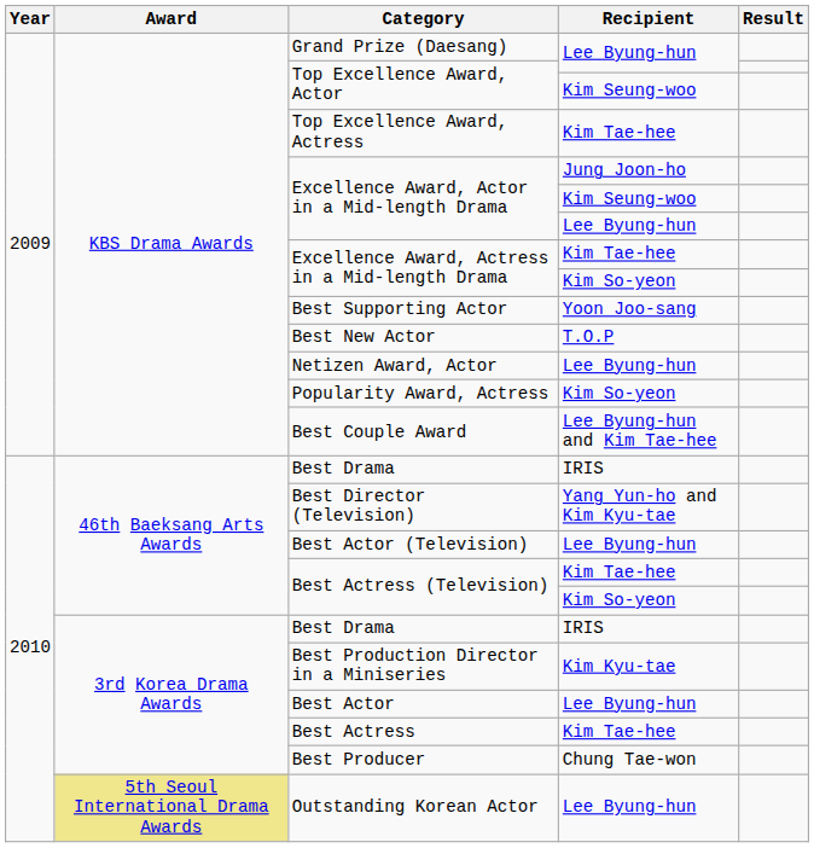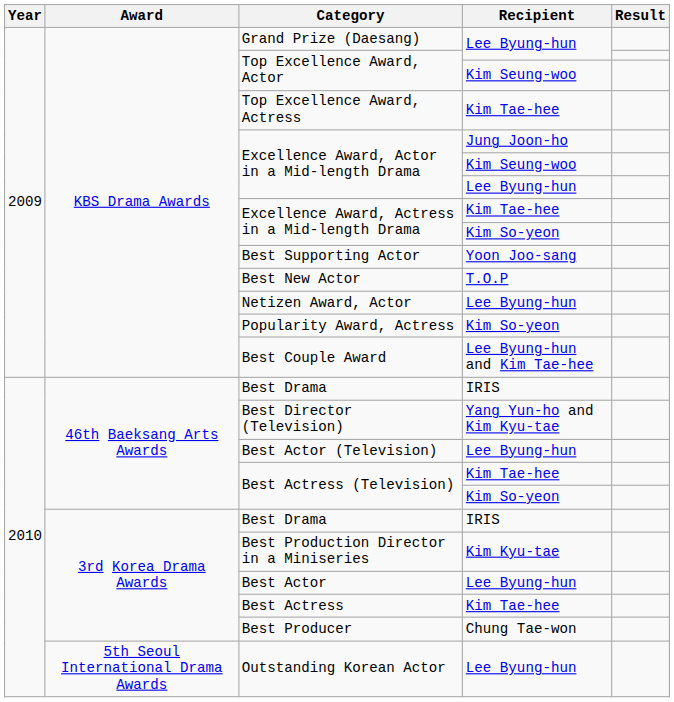 <table class="wikitable">
 <tr>
 <th>Year</th>
 <th>Award</th>
 <th>Category</th>
 <th>Recipient</th>
 <th>Result</th>
 </tr>
 <tr>
 <td rowspan=14 style="text-align:center;">2009</td>
 <td rowspan=14 style="text-align:center;"><a href='#'>KBS Drama Awards</a></td>
 <td>Grand Prize (Daesang)</td>
 <td rowspan=2><a href='#'>Lee Byung-hun</a></td>
 <td></td>
 </tr>
 <tr>
 <td rowspan=2>Top Excellence Award, Actor</td>
 <td></td>
 </tr>
 <tr>
 <td><a href='#'>Kim Seung-woo</a></td>
 <td></td>
 </tr>
 <tr>
 <td>Top Excellence Award, Actress</td>
 <td><a href='#'>Kim Tae-hee</a></td>
 <td></td>
 </tr>
 <tr>
 <td rowspan=3>Excellence Award, Actor in a Mid-length Drama</td>
 <td><a href='#'>Jung Joon-ho</a></td>
 <td></td>
 </tr>
 <tr>
 <td><a href='#'>Kim Seung-woo</a></td>
 <td></td>
 </tr>
 <tr>
 <td><a href='#'>Lee Byung-hun</a></td>
 <td></td>
 </tr>
 <tr>
 <td rowspan=2>Excellence Award, Actress in a Mid-length Drama</td>
 <td><a href='#'>Kim Tae-hee</a></td>
 <td></td>
 </tr>
 <tr>
 <td><a href='#'>Kim So-yeon</a></td>
 <td></td>
 </tr>
 <tr>
 <td>Best Supporting Actor</td>
 <td><a href='#'>Yoon Joo-sang</a></td>
 <td></td>
 </tr>
 <tr>
 <td>Best New Actor</td>
 <td><a href='#'>T.O.P</a></td>
 <td></td>
 </tr>
 <tr>
 <td>Netizen Award, Actor</td>
 <td><a href='#'>Lee Byung-hun</a></td>
 <td></td>
 </tr>
 <tr>
 <td>Popularity Award, Actress</td>
 <td><a href='#'>Kim So-yeon</a></td>
 <td></td>
 </tr>
 <tr>
 <td>Best Couple Award</td>
 <td><a href='#'>Lee Byung-hun</a> and <a href='#'>Kim Tae-hee</a></td>
 <td></td>
 </tr>
 <tr>
 <td rowspan=12 style="text-align:center;">2010</td>
 <td rowspan=5 style="text-align:center;"><a href='#'>46th</a> <a href='#'>Baeksang Arts Awards</a></td>
 <td>Best Drama</td>
 <td>IRIS</td>
 <td></td>
 </tr>
 <tr>
 <td>Best Director (Television)</td>
 <td><a href='#'>Yang Yun-ho</a> and <a href='#'>Kim Kyu-tae</a></td>
 <td></td>
 </tr>
 <tr>
 <td>Best Actor (Television)</td>
 <td><a href='#'>Lee Byung-hun</a></td>
 <td></td>
 </tr>
 <tr>
 <td rowspan=2>Best Actress (Television)</td>
 <td><a href='#'>Kim Tae-hee</a></td>
 <td></td>
 </tr>
 <tr>
 <td><a href='#'>Kim So-yeon</a></td>
 <td></td>
 </tr>
 <tr>
 <td rowspan=5 style="text-align:center;"><a href='#'>3rd</a> <a href='#'>Korea Drama Awards</a></td>
 <td>Best Drama</td>
 <td>IRIS</td>
 <td></td>
 </tr>
 <tr>
 <td>Best Production Director in a Miniseries</td>
 <td><a href='#'>Kim Kyu-tae</a></td>
 <td></td>
 </tr>
 <tr>
 <td>Best Actor</td>
 <td><a href='#'>Lee Byung-hun</a></td>
 <td></td>
 </tr>
 <tr>
 <td>Best Actress</td>
 <td><a href='#'>Kim Tae-hee</a></td>
 <td></td>
 </tr>
 <tr>
 <td>Best Producer</td>
 <td>Chung Tae-won</td>
 <td></td>
 </tr>
 <tr>
-<td style="background: khaki; text-align:center;"><a href='#'>5th Seoul International Drama Awards</a></td>
+<td style="text-align:center;"><a href='#'>5th Seoul International Drama Awards</a></td>
 <td>Outstanding Korean Actor</td>
 <td><a href='#'>Lee Byung-hun</a></td>
 <td></td>
 </tr>
 </table>
